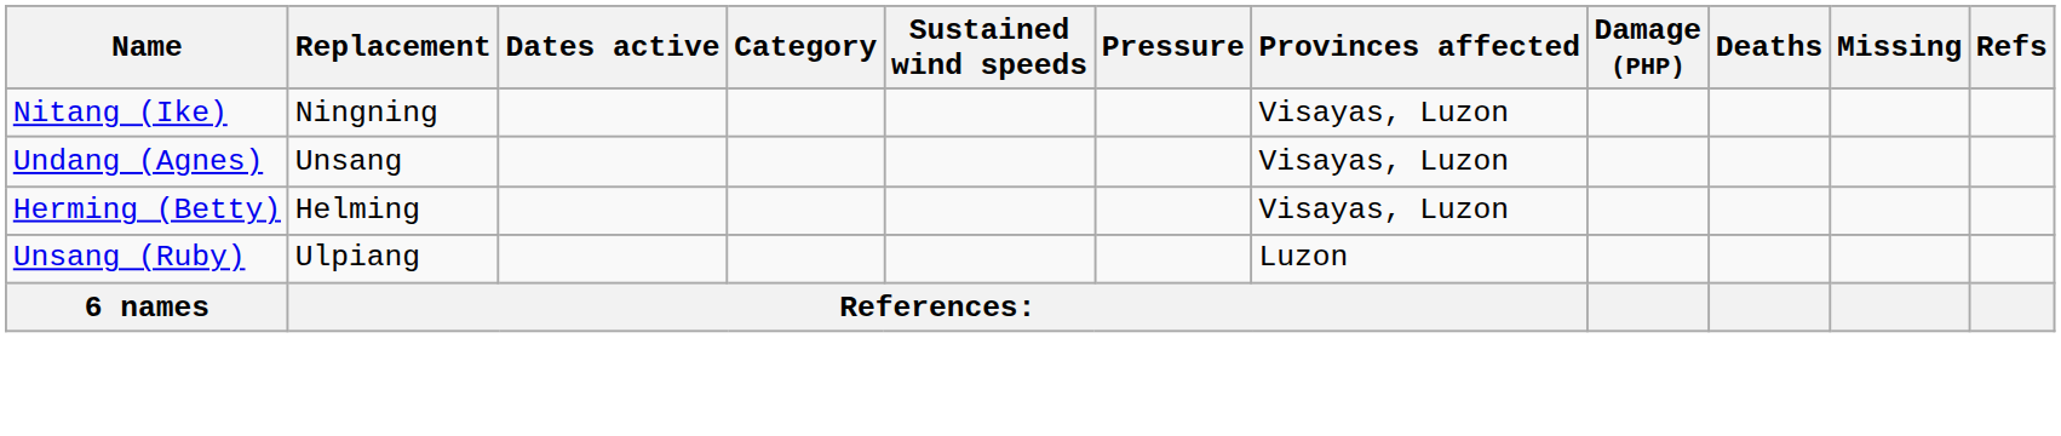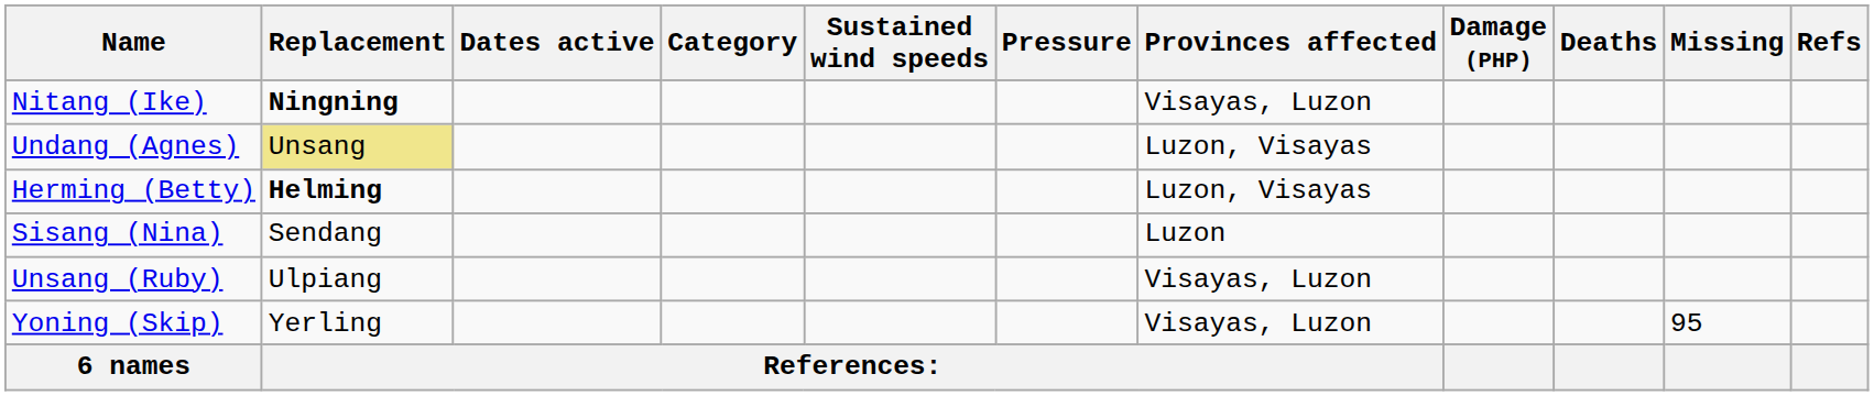 <table class="wikitable sortable">
 <tr>
 <th>Name</th>
 <th>Replacement</th>
 <th>Dates active</th>
 <th>Category</th>
 <th>Sustained <br>wind speeds</th>
 <th>Pressure</th>
 <th class="unsortable">Provinces affected</th>
 <th>Damage<br><small>(PHP)</small></th>
 <th>Deaths</th>
 <th>Missing</th>
 <th class="unsortable">Refs</th>
 </tr>
 <tr>
 <td><a href='#'>Nitang (Ike)</a></td>
-<td>Ningning</td>
+<td><strong>Ningning</strong></td>
 <td></td>
 <td></td>
 <td></td>
 <td></td>
 <td>Visayas, Luzon</td>
 <td></td>
 <td></td>
 <td></td>
 <td></td>
 </tr>
 <tr>
 <td><a href='#'>Undang (Agnes)</a></td>
-<td>Unsang</td>
+<td style="background: khaki;">Unsang</td>
 <td></td>
 <td></td>
 <td></td>
 <td></td>
-<td>Visayas, Luzon</td>
+<td>Luzon, Visayas</td>
 <td></td>
 <td></td>
 <td></td>
 <td></td>
 </tr>
 <tr>
 <td><a href='#'>Herming (Betty)</a></td>
-<td>Helming</td>
+<td><strong>Helming</strong></td>
 <td></td>
 <td></td>
 <td></td>
 <td></td>
-<td>Visayas, Luzon</td>
+<td>Luzon, Visayas</td>
+<td></td>
+<td></td>
+<td></td>
+<td></td>
+</tr>
+<tr>
+<td><a href='#'>Sisang (Nina)</a></td>
+<td>Sendang</td>
+<td></td>
+<td></td>
+<td></td>
+<td></td>
+<td>Luzon</td>
 <td></td>
 <td></td>
 <td></td>
 <td></td>
 </tr>
 <tr>
 <td><a href='#'>Unsang (Ruby)</a></td>
 <td>Ulpiang</td>
 <td></td>
 <td></td>
 <td></td>
 <td></td>
-<td>Luzon</td>
+<td>Visayas, Luzon</td>
 <td></td>
 <td></td>
 <td></td>
+<td></td>
+</tr>
+<tr>
+<td><a href='#'>Yoning (Skip)</a></td>
+<td>Yerling</td>
+<td></td>
+<td></td>
+<td></td>
+<td></td>
+<td>Visayas, Luzon</td>
+<td></td>
+<td></td>
+<td>95</td>
 <td></td>
 </tr>
 <tr class="sortbottom">
 <th>6 names</th>
 <th colspan="6">References: </th>
 <th></th>
 <th></th>
 <th></th>
 <th></th>
 </tr>
 </table>
